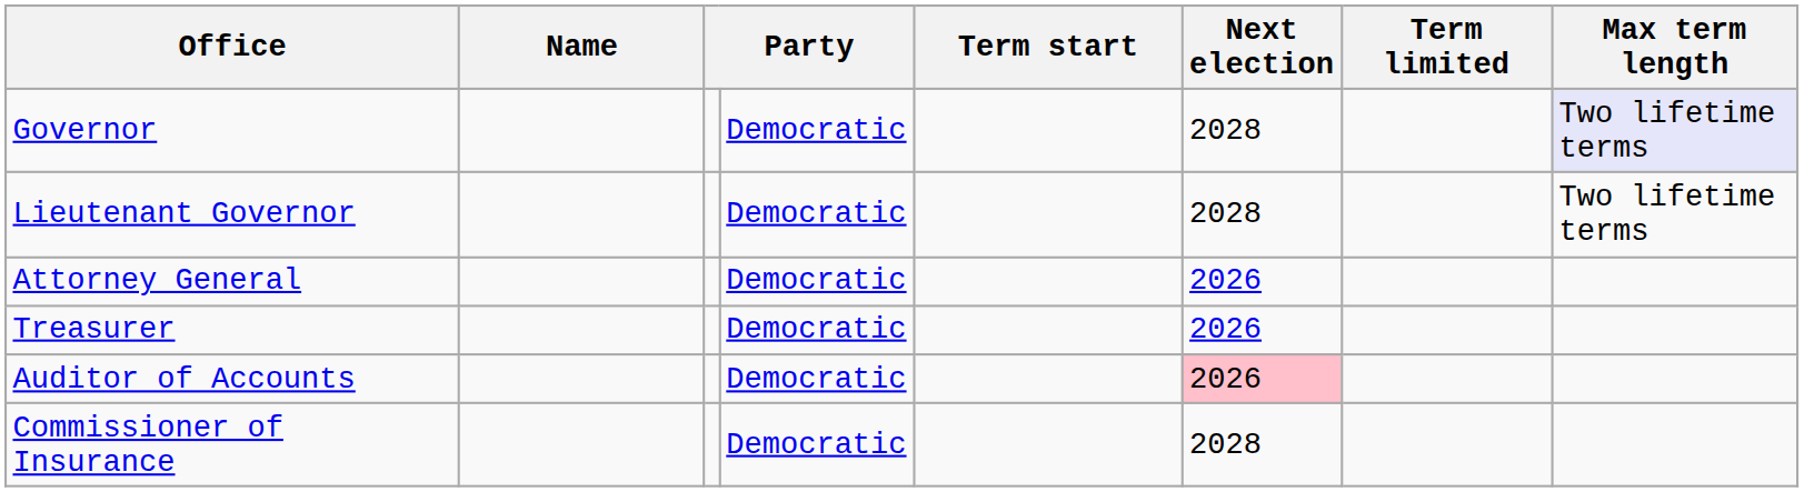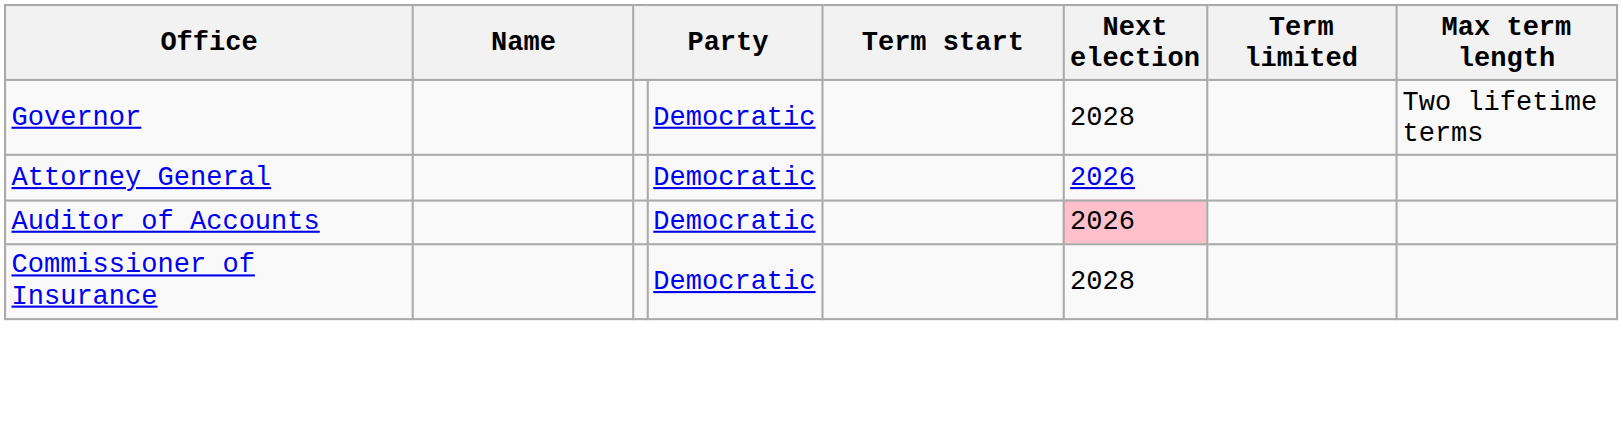 <table class="sortable wikitable">
 <tr>
 <th scope="col" width=190>Office</th>
 <th scope="col" width=100>Name</th>
 <th scope="col" width=75 colspan=2>Party</th>
 <th scope="col" width=110>Term start</th>
 <th scope="col" width=50>Next election</th>
 <th scope="col" width=85>Term limited</th>
 <th scope="col" width=100>Max term length</th>
 </tr>
 <tr>
 <td><a href='#'>Governor</a></td>
 <td></td>
 <td style="background-color:"></td>
 <td><a href='#'>Democratic</a></td>
 <td></td>
 <td>2028</td>
 <td></td>
-<td style="background: lavender;">Two lifetime terms</td>
-</tr>
-<tr>
-<td><a href='#'>Lieutenant Governor</a></td>
-<td></td>
-<td style="background-color:"></td>
-<td><a href='#'>Democratic</a></td>
-<td></td>
-<td>2028</td>
-<td></td>
 <td>Two lifetime terms</td>
 </tr>
 <tr>
 <td><a href='#'>Attorney General</a></td>
-<td></td>
-<td style="background-color:"></td>
-<td><a href='#'>Democratic</a></td>
-<td></td>
-<td><a href='#'>2026</a></td>
-<td></td>
-<td></td>
-</tr>
-<tr>
-<td><a href='#'>Treasurer</a></td>
 <td></td>
 <td style="background-color:"></td>
 <td><a href='#'>Democratic</a></td>
 <td></td>
 <td><a href='#'>2026</a></td>
 <td></td>
 <td></td>
 </tr>
 <tr>
 <td><a href='#'>Auditor of Accounts</a></td>
 <td></td>
 <td style="background-color:"></td>
 <td><a href='#'>Democratic</a></td>
 <td></td>
 <td style="background: pink;">2026</td>
 <td></td>
 <td></td>
 </tr>
 <tr>
 <td><a href='#'>Commissioner of Insurance</a></td>
 <td></td>
 <td style="background-color:"></td>
 <td><a href='#'>Democratic</a></td>
 <td></td>
 <td>2028</td>
 <td></td>
 <td></td>
 </tr>
 </table>
